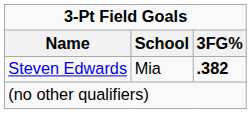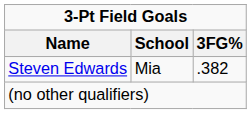 <table class="wikitable">
 <tr>
 <td colspan=3 style="text-align:center;"><strong>3-Pt Field Goals</strong></td>
 </tr>
 <tr>
 <th>Name</th>
 <th>School</th>
 <th>3FG%</th>
 </tr>
 <tr>
 <td><a href='#'>Steven Edwards</a></td>
 <td>Mia</td>
-<td><strong>.382</strong></td>
+<td>.382</td>
 </tr>
 <tr>
 <td colspan=3>(no other qualifiers)</td>
 </tr>
 </table>
